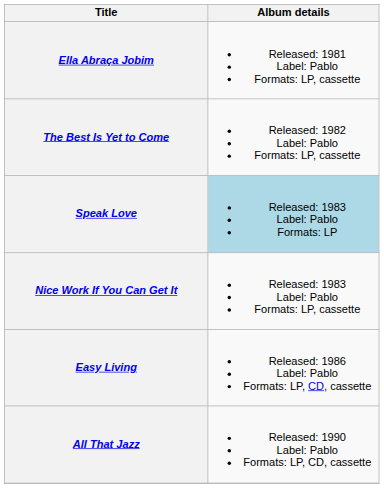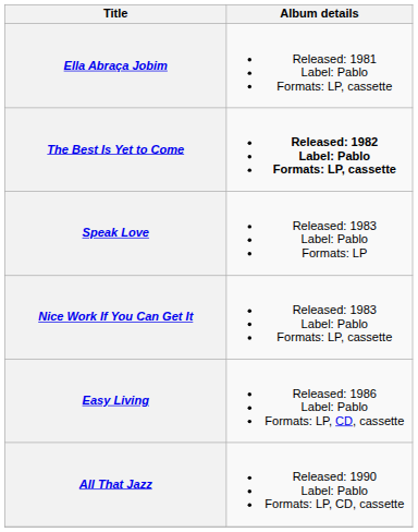 <table class="wikitable plainrowheaders" style="text-align:center;">
 <tr>
 <th scope="col" style="width:18em;">Title</th>
 <th scope="col" style="width:15em;">Album details</th>
 </tr>
 <tr>
 <th scope="row"><em><a href='#'>Ella Abraça Jobim</a></em></th>
 <td><br><ul><li>Released: 1981</li><li>Label: Pablo</li><li>Formats: LP, cassette</li></ul></td>
 </tr>
 <tr>
 <th scope="row"><em><a href='#'>The Best Is Yet to Come</a></em></th>
-<td><br><ul><li>Released: 1982</li><li>Label: Pablo</li><li>Formats: LP, cassette</li></ul></td>
+<td><strong><br><ul><li>Released: 1982</li><li>Label: Pablo</li><li>Formats: LP, cassette</li></ul></strong></td>
 </tr>
 <tr>
 <th scope="row"><em><a href='#'>Speak Love</a></em><br></th>
-<td style="background: lightblue;"><br><ul><li>Released: 1983</li><li>Label: Pablo</li><li>Formats: LP</li></ul></td>
+<td><br><ul><li>Released: 1983</li><li>Label: Pablo</li><li>Formats: LP</li></ul></td>
 </tr>
 <tr>
 <th scope="row"><em><a href='#'>Nice Work If You Can Get It</a></em><br></th>
 <td><br><ul><li>Released: 1983</li><li>Label: Pablo</li><li>Formats: LP, cassette</li></ul></td>
 </tr>
 <tr>
 <th scope="row"><em><a href='#'>Easy Living</a></em><br></th>
 <td><br><ul><li>Released: 1986</li><li>Label: Pablo</li><li>Formats: LP, <a href='#'>CD</a>, cassette</li></ul></td>
 </tr>
 <tr>
 <th scope="row"><em><a href='#'>All That Jazz</a></em></th>
 <td><br><ul><li>Released: 1990</li><li>Label: Pablo</li><li>Formats: LP, CD, cassette</li></ul></td>
 </tr>
 <tr>
 </tr>
 </table>
